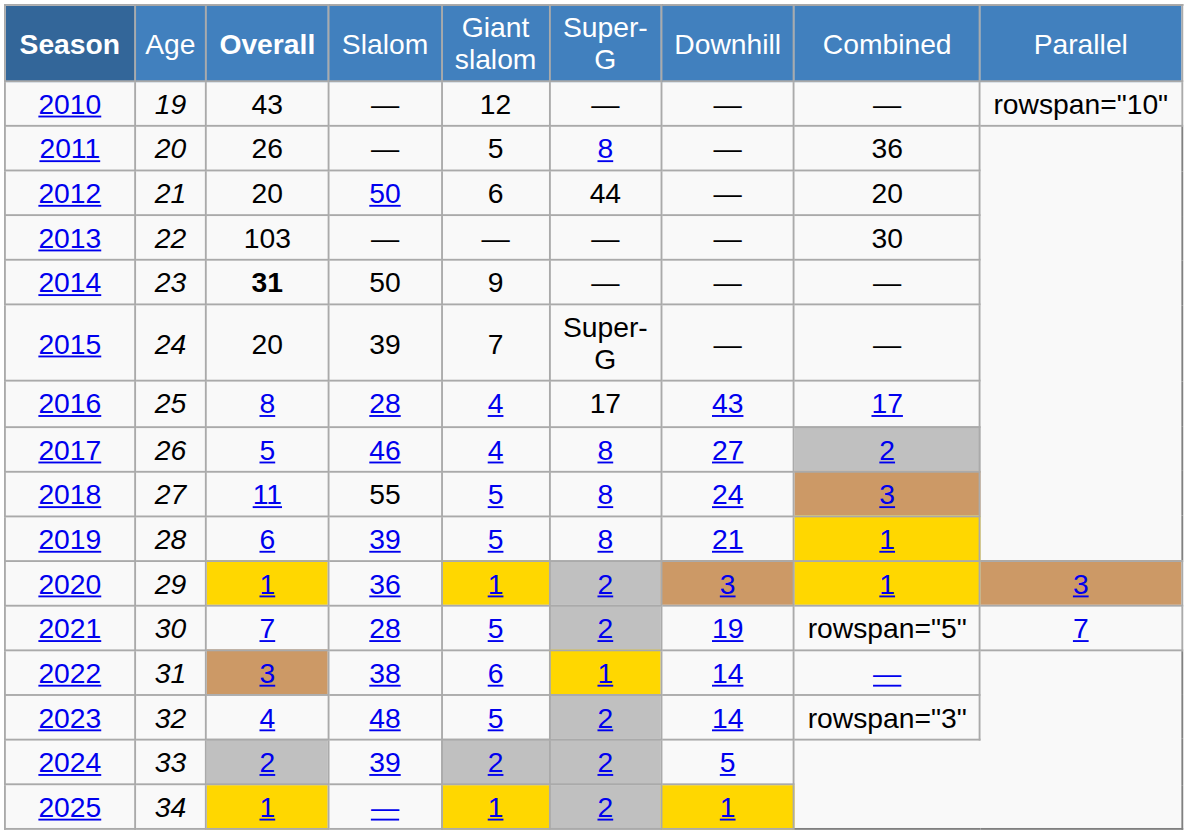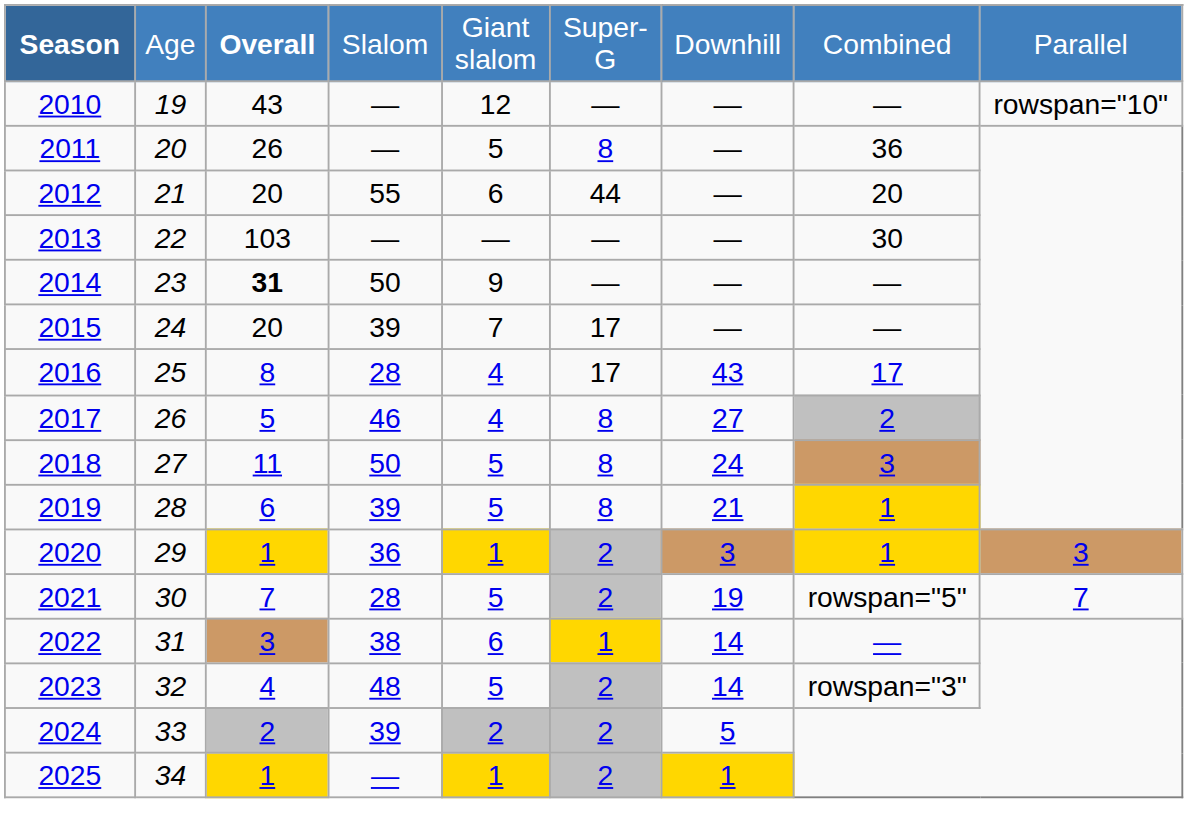 <table class="wikitable"  style="font-size:95%; text-align:center; border:gray solid 1px; width:40%;">
 <tr style="background:#369; color:white;">
 <td rowspan="2" style="width:6%;"><strong>Season</strong></td>
 </tr>
 <tr style="background:#4180be; color:white;">
 <td style="width:3%;">Age</td>
 <td style="width:5%;"><strong>Overall</strong></td>
 <td style="width:5%;">Slalom</td>
 <td style="width:5%;">Giant<br>slalom</td>
 <td style="width:5%;">Super-G</td>
 <td style="width:5%;">Downhill</td>
 <td style="width:5%;">Combined</td>
 <td style="width:5%;">Parallel</td>
 </tr>
 <tr>
 <td><a href='#'>2010</a></td>
 <td><em>19</em></td>
 <td>43</td>
 <td>—</td>
 <td>12</td>
 <td>—</td>
 <td>—</td>
 <td>—</td>
 <td>rowspan="10" </td>
 </tr>
 <tr>
 <td><a href='#'>2011</a></td>
 <td><em>20</em></td>
 <td>26</td>
 <td>—</td>
 <td>5</td>
 <td><a href='#'>8</a></td>
 <td>—</td>
 <td>36</td>
 </tr>
 <tr>
 <td><a href='#'>2012</a></td>
 <td><em>21</em></td>
 <td>20</td>
-<td><a href='#'>50</a></td>
+<td>55</td>
 <td>6</td>
 <td>44</td>
 <td>—</td>
 <td>20</td>
 </tr>
 <tr>
 <td><a href='#'>2013</a></td>
 <td><em>22</em></td>
 <td>103</td>
 <td>—</td>
 <td>—</td>
 <td>—</td>
 <td>—</td>
 <td>30</td>
 </tr>
 <tr>
 <td><a href='#'>2014</a></td>
 <td><em>23</em></td>
 <td><strong>31</strong></td>
 <td>50</td>
 <td>9</td>
 <td>—</td>
 <td>—</td>
 <td>—</td>
 </tr>
 <tr>
 <td><a href='#'>2015</a></td>
 <td><em>24</em></td>
 <td>20</td>
 <td>39</td>
 <td>7</td>
-<td style="width:5%;">Super-G</td>
+<td>17</td>
 <td>—</td>
 <td>—</td>
 </tr>
 <tr>
 <td><a href='#'>2016</a></td>
 <td><em>25</em></td>
 <td><a href='#'>8</a></td>
 <td><a href='#'>28</a></td>
 <td><a href='#'>4</a></td>
 <td>17</td>
 <td><a href='#'>43</a></td>
 <td><a href='#'>17</a></td>
 </tr>
 <tr>
 <td><a href='#'>2017</a></td>
 <td><em>26</em></td>
 <td><a href='#'>5</a></td>
 <td><a href='#'>46</a></td>
 <td><a href='#'>4</a></td>
 <td><a href='#'>8</a></td>
 <td><a href='#'>27</a></td>
 <td style="background:silver;"><a href='#'>2</a></td>
 </tr>
 <tr>
 <td><a href='#'>2018</a></td>
 <td><em>27</em></td>
 <td><a href='#'>11</a></td>
-<td>55</td>
+<td><a href='#'>50</a></td>
 <td><a href='#'>5</a></td>
 <td><a href='#'>8</a></td>
 <td><a href='#'>24</a></td>
 <td style="background:#c96;"><a href='#'>3</a></td>
 </tr>
 <tr>
 <td><a href='#'>2019</a></td>
 <td><em>28</em></td>
 <td><a href='#'>6</a></td>
 <td><a href='#'>39</a></td>
 <td><a href='#'>5</a></td>
 <td><a href='#'>8</a></td>
 <td><a href='#'>21</a></td>
 <td style="background:gold;"><a href='#'>1</a></td>
 </tr>
 <tr>
 <td><a href='#'>2020</a></td>
 <td><em>29</em></td>
 <td style="background:gold;"><a href='#'>1</a></td>
 <td><a href='#'>36</a></td>
 <td style="background:gold;"><a href='#'>1</a></td>
 <td style="background:silver;"><a href='#'>2</a></td>
 <td style="background:#c96;"><a href='#'>3</a></td>
 <td style="background:gold;"><a href='#'>1</a></td>
 <td style="background:#c96;"><a href='#'>3</a></td>
 </tr>
 <tr>
 <td><a href='#'>2021</a></td>
 <td><em>30</em></td>
 <td><a href='#'>7</a></td>
 <td><a href='#'>28</a></td>
 <td><a href='#'>5</a></td>
 <td style="background:silver;"><a href='#'>2</a></td>
 <td><a href='#'>19</a></td>
 <td>rowspan="5" </td>
 <td><a href='#'>7</a></td>
 </tr>
 <tr>
 <td><a href='#'>2022</a></td>
 <td><em>31</em></td>
 <td style="background:#c96;"><a href='#'>3</a></td>
 <td><a href='#'>38</a></td>
 <td><a href='#'>6</a></td>
 <td style="background:gold;"><a href='#'>1</a></td>
 <td><a href='#'>14</a></td>
 <td><a href='#'>—</a></td>
 </tr>
 <tr>
 <td><a href='#'>2023</a></td>
 <td><em>32</em></td>
 <td><a href='#'>4</a></td>
 <td><a href='#'>48</a></td>
 <td><a href='#'>5</a></td>
 <td style="background:silver;"><a href='#'>2</a></td>
 <td><a href='#'>14</a></td>
 <td>rowspan="3" </td>
 </tr>
 <tr>
 <td><a href='#'>2024</a></td>
 <td><em>33</em></td>
 <td style="background:silver;"><a href='#'>2</a></td>
 <td><a href='#'>39</a></td>
 <td style="background:silver;"><a href='#'>2</a></td>
 <td style="background:silver;"><a href='#'>2</a></td>
 <td><a href='#'>5</a></td>
 </tr>
 <tr>
 <td><a href='#'>2025</a></td>
 <td><em>34</em></td>
 <td style="background:gold;"><a href='#'>1</a></td>
 <td><a href='#'>—</a></td>
 <td style="background:gold;"><a href='#'>1</a></td>
 <td style="background:silver;"><a href='#'>2</a></td>
 <td style="background:gold;"><a href='#'>1</a></td>
 </tr>
 </table>
